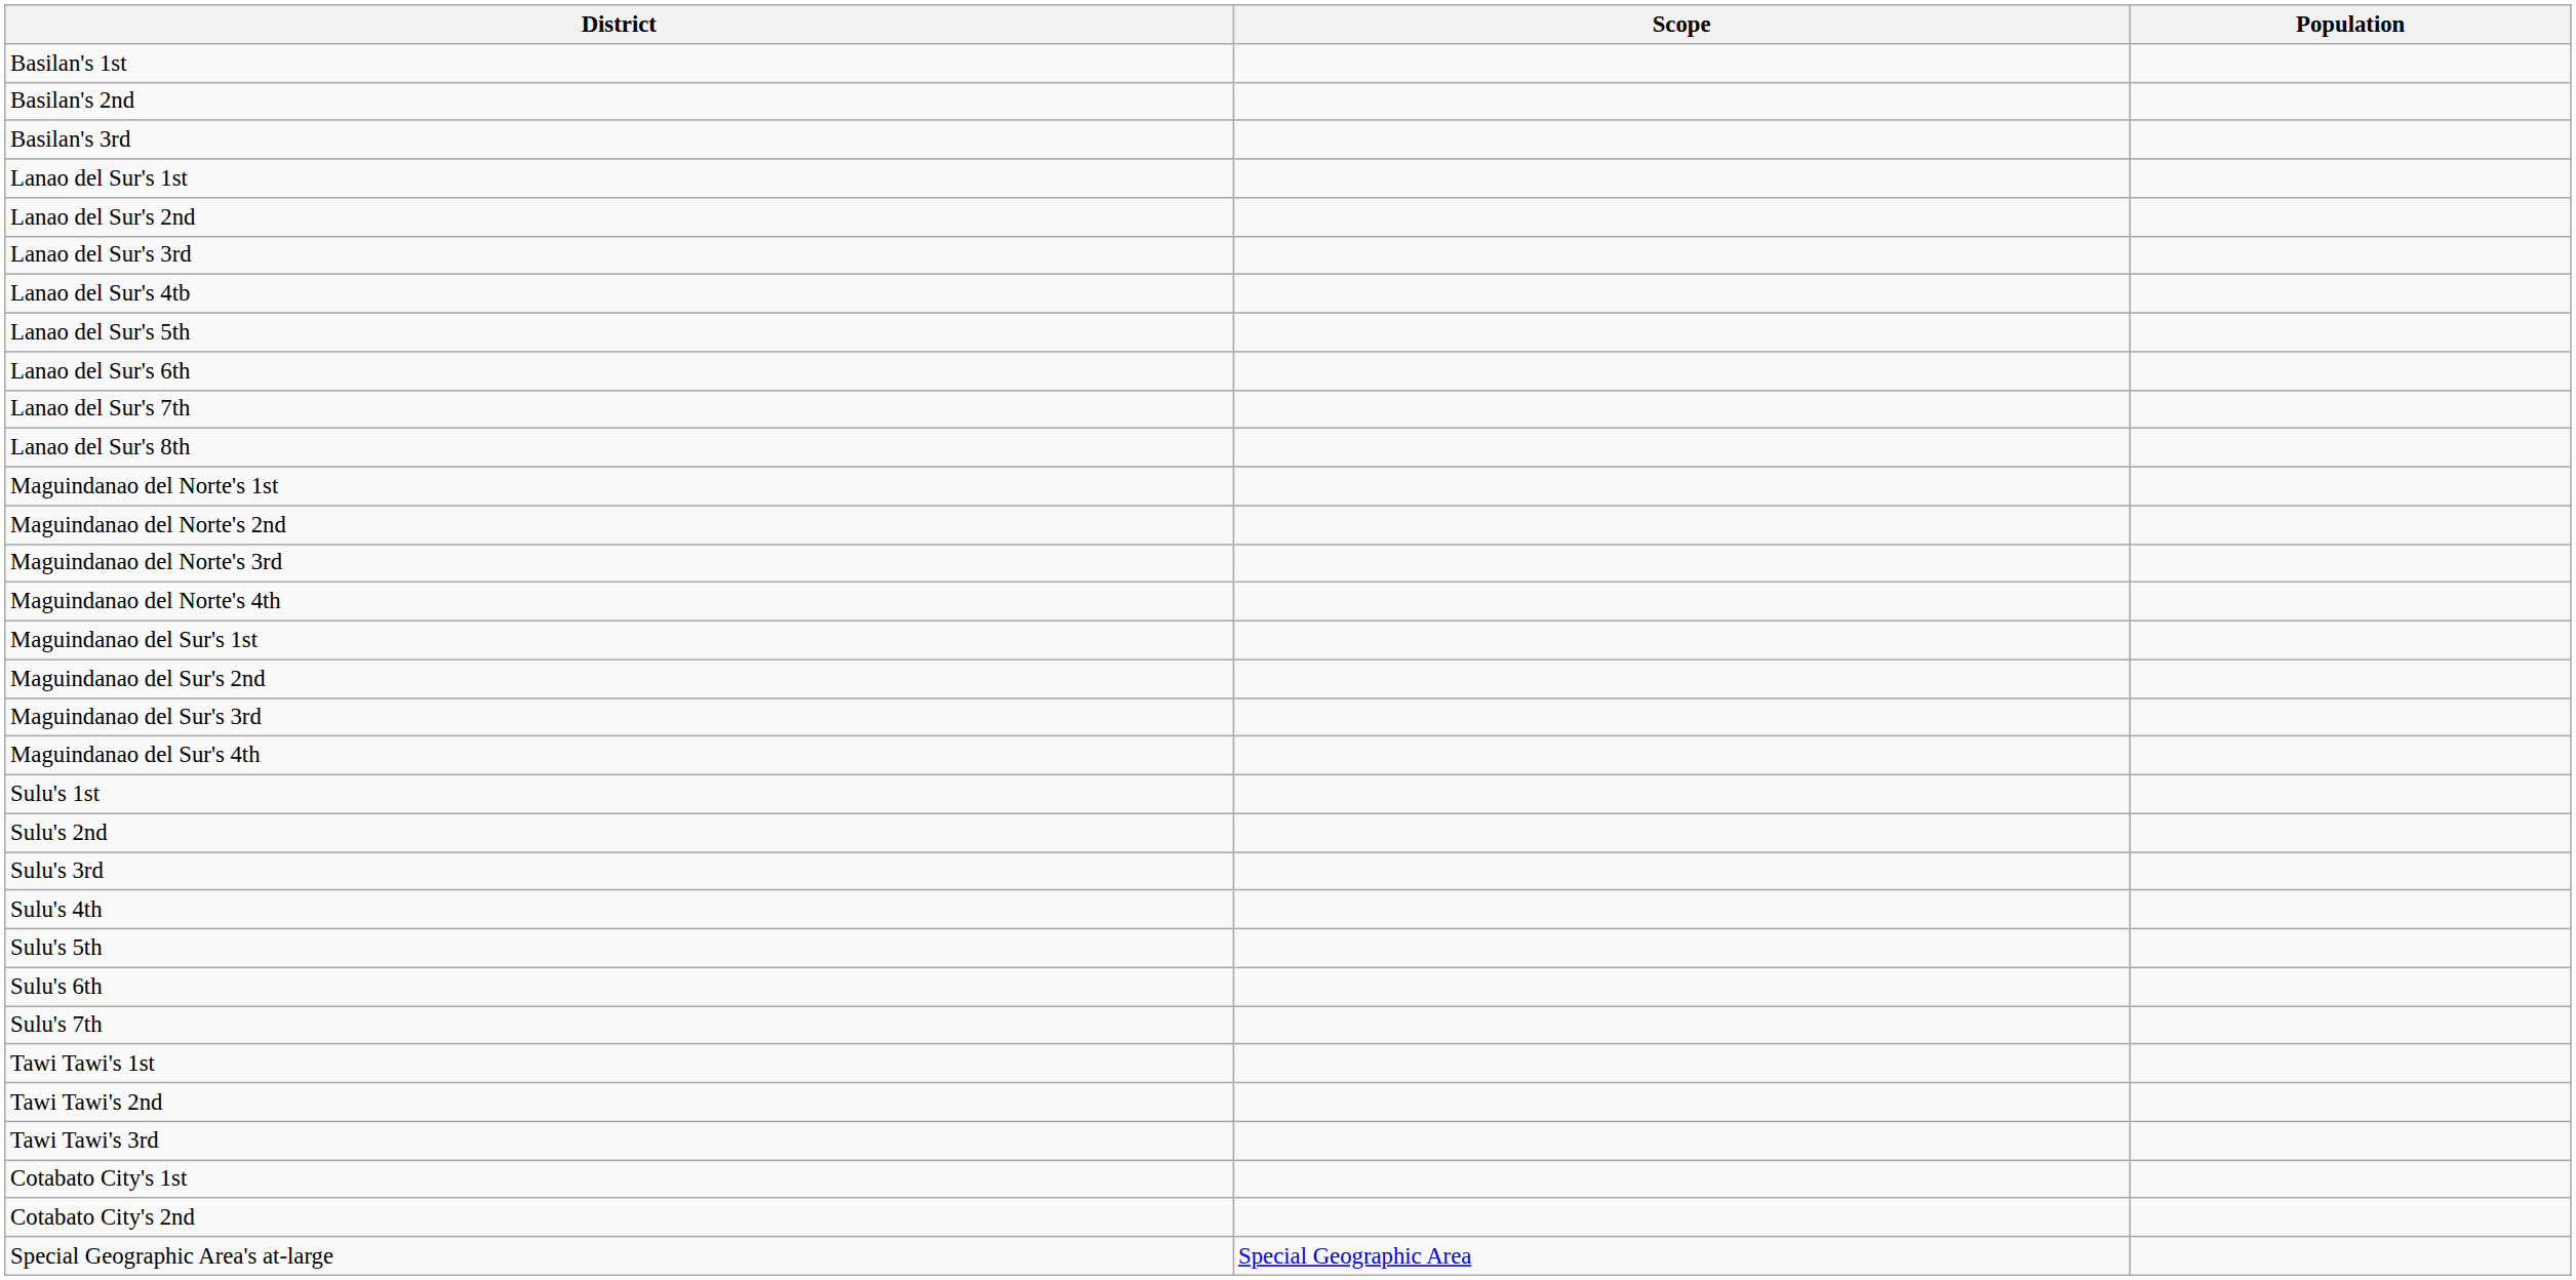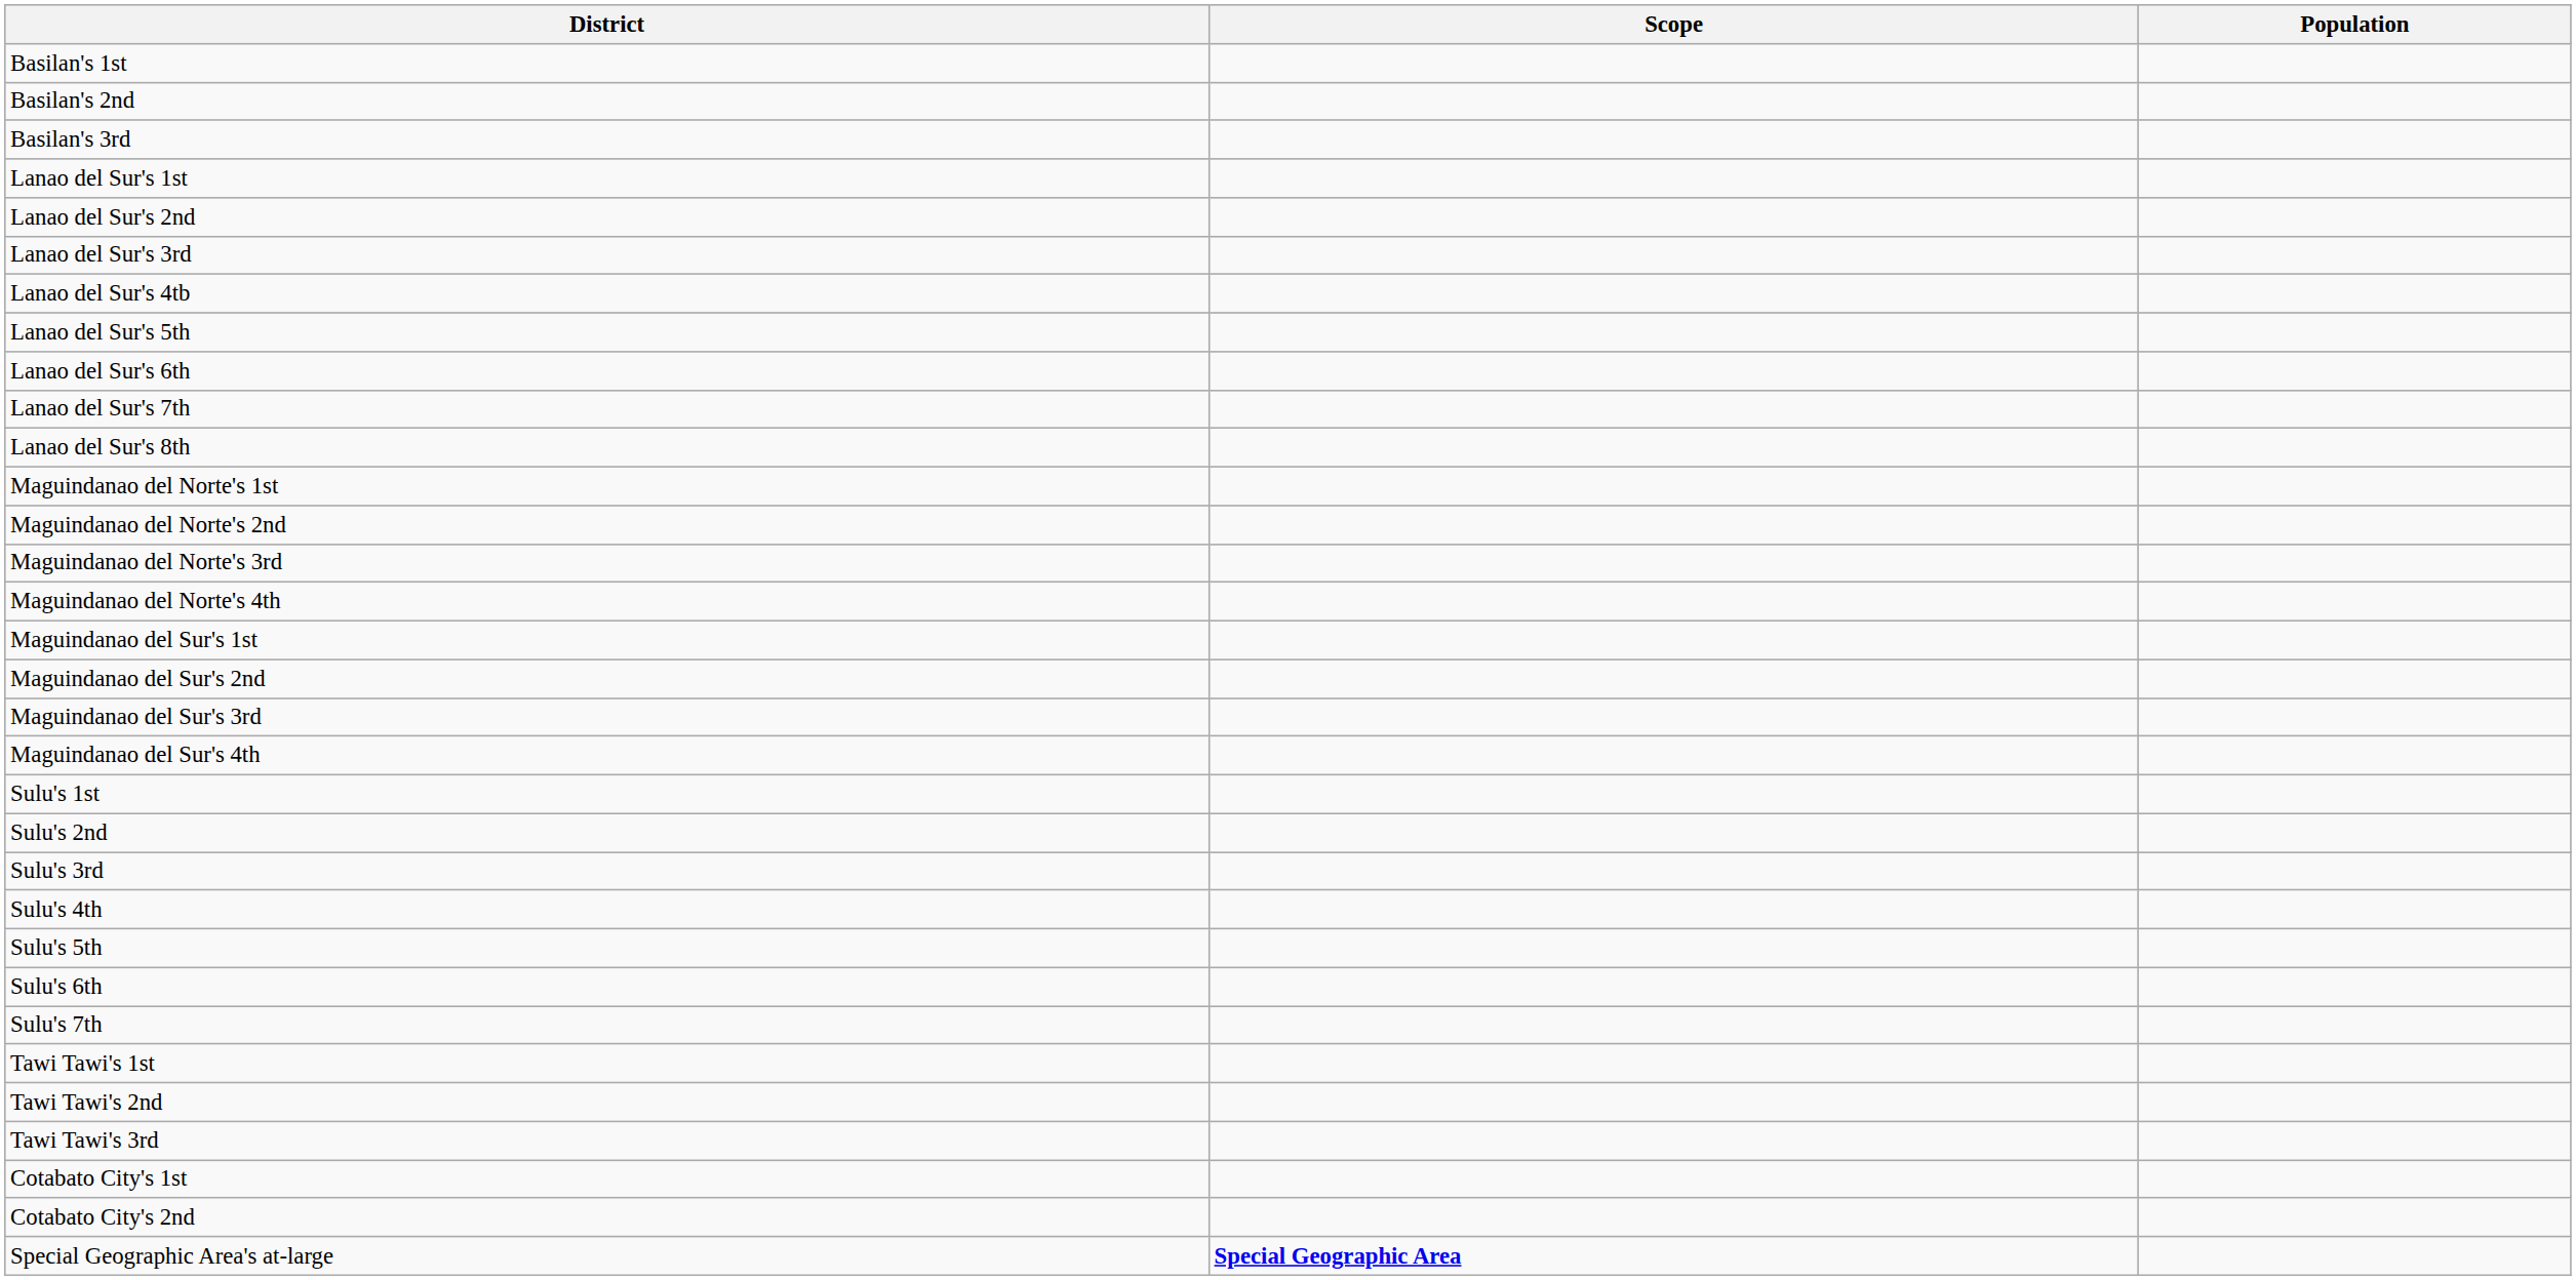 <table class="wikitable mw-datatable sortable" style="font-size:90%; width:100%;">
 <tr>
 <th>District</th>
 <th>Scope</th>
 <th>Population </th>
 </tr>
 <tr id="anchor_Basilan">
 <td>Basilan's 1st</td>
 <td></td>
 <td></td>
 </tr>
 <tr>
 <td>Basilan's 2nd</td>
 <td></td>
 <td></td>
 </tr>
 <tr>
 <td>Basilan's 3rd</td>
 <td></td>
 <td></td>
 </tr>
 <tr>
 <td>Lanao del Sur's 1st</td>
 <td></td>
 <td></td>
 </tr>
 <tr>
 <td>Lanao del Sur's 2nd</td>
 <td></td>
 <td></td>
 </tr>
 <tr>
 <td>Lanao del Sur's 3rd</td>
 <td></td>
 <td></td>
 </tr>
 <tr>
 <td>Lanao del Sur's 4tb</td>
 <td></td>
 <td></td>
 </tr>
 <tr>
 <td>Lanao del Sur's 5th</td>
 <td></td>
 <td></td>
 </tr>
 <tr>
 <td>Lanao del Sur's 6th</td>
 <td></td>
 <td></td>
 </tr>
 <tr>
 <td>Lanao del Sur's 7th</td>
 <td></td>
 <td></td>
 </tr>
 <tr>
 <td>Lanao del Sur's 8th</td>
 <td></td>
 <td></td>
 </tr>
 <tr>
 <td>Maguindanao del Norte's 1st</td>
 <td></td>
 <td></td>
 </tr>
 <tr>
 <td>Maguindanao del Norte's 2nd</td>
 <td></td>
 <td></td>
 </tr>
 <tr>
 <td>Maguindanao del Norte's 3rd</td>
 <td></td>
 <td></td>
 </tr>
 <tr>
 <td>Maguindanao del Norte's 4th</td>
 <td></td>
 <td></td>
 </tr>
 <tr>
 <td>Maguindanao del Sur's 1st</td>
 <td></td>
 <td></td>
 </tr>
 <tr>
 <td>Maguindanao del Sur's 2nd</td>
 <td></td>
 <td></td>
 </tr>
 <tr>
 <td>Maguindanao del Sur's 3rd</td>
 <td></td>
 <td></td>
 </tr>
 <tr>
 <td>Maguindanao del Sur's 4th</td>
 <td></td>
 <td></td>
 </tr>
 <tr>
 <td>Sulu's 1st</td>
 <td></td>
 <td></td>
 </tr>
 <tr>
 <td>Sulu's 2nd</td>
 <td></td>
 <td></td>
 </tr>
 <tr>
 <td>Sulu's 3rd</td>
 <td></td>
 <td></td>
 </tr>
 <tr>
 <td>Sulu's 4th</td>
 <td></td>
 <td></td>
 </tr>
 <tr>
 <td>Sulu's 5th</td>
 <td></td>
 <td></td>
 </tr>
 <tr>
 <td>Sulu's 6th</td>
 <td></td>
 <td></td>
 </tr>
 <tr>
 <td>Sulu's 7th</td>
 <td></td>
 <td></td>
 </tr>
 <tr>
 <td>Tawi Tawi's 1st</td>
 <td></td>
 <td></td>
 </tr>
 <tr>
 <td>Tawi Tawi's 2nd</td>
 <td></td>
 <td></td>
 </tr>
 <tr>
 <td>Tawi Tawi's 3rd</td>
 <td></td>
 <td></td>
 </tr>
 <tr>
 <td>Cotabato City's 1st</td>
 <td></td>
 <td></td>
 </tr>
 <tr>
 <td>Cotabato City's 2nd</td>
 <td></td>
 <td></td>
 </tr>
 <tr>
 <td>Special Geographic Area's at-large</td>
-<td><a href='#'>Special Geographic Area</a></td>
+<td><strong><a href='#'>Special Geographic Area</a></strong></td>
 <td></td>
 </tr>
 <tr>
 </tr>
 </table>
